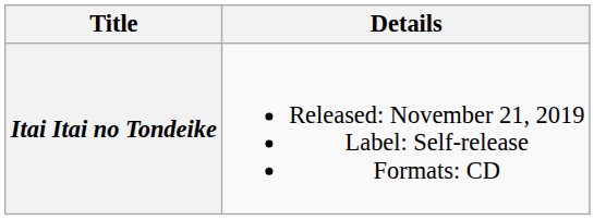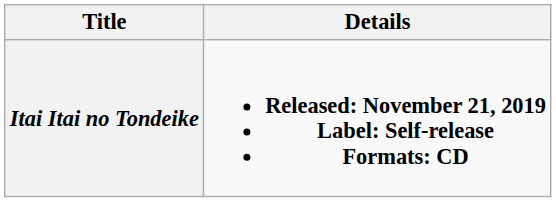 <table class="wikitable plainrowheaders" style="text-align:center">
 <tr>
 <th scope="col">Title</th>
 <th scope="col">Details</th>
 </tr>
 <tr>
 <th scope="row"><em>Itai Itai no Tondeike</em></th>
-<td><br><ul><li>Released: November 21, 2019</li><li>Label: Self-release</li><li>Formats: CD</li></ul></td>
+<td><strong><br><ul><li>Released: November 21, 2019</li><li>Label: Self-release</li><li>Formats: CD</li></ul></strong></td>
 </tr>
 </table>
